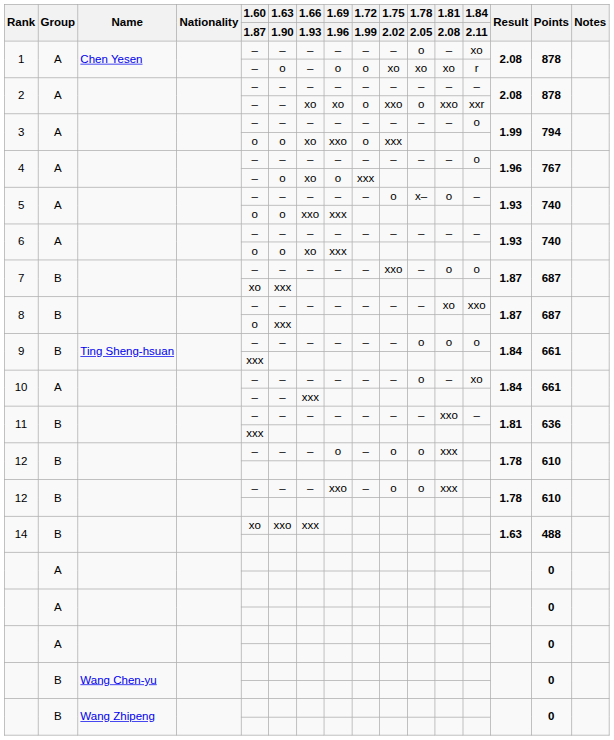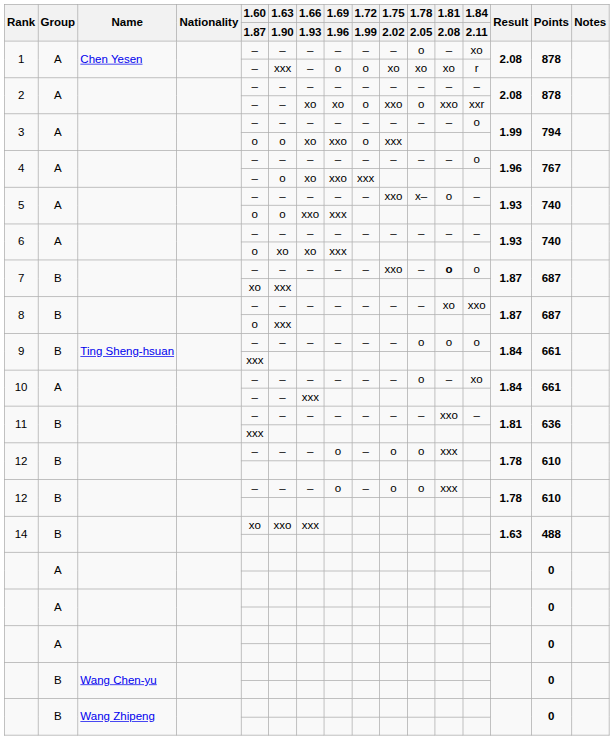 <table class="wikitable sortable" style="text-align:center">
 <tr>
 <th rowspan=2>Rank</th>
 <th rowspan=2>Group</th>
 <th rowspan=2>Name</th>
 <th rowspan=2>Nationality</th>
 <th>1.60</th>
 <th>1.63</th>
 <th>1.66</th>
 <th>1.69</th>
 <th>1.72</th>
 <th>1.75</th>
 <th>1.78</th>
 <th>1.81</th>
 <th>1.84</th>
 <th rowspan=2>Result</th>
 <th rowspan=2>Points</th>
 <th rowspan=2>Notes</th>
 </tr>
 <tr>
 <th class=unsortable>1.87</th>
 <th class=unsortable>1.90</th>
 <th class=unsortable>1.93</th>
 <th class=unsortable>1.96</th>
 <th class=unsortable>1.99</th>
 <th class=unsortable>2.02</th>
 <th class=unsortable>2.05</th>
 <th class=unsortable>2.08</th>
 <th class=unsortable>2.11</th>
 </tr>
 <tr>
 <td rowspan=2>1</td>
 <td rowspan=2>A</td>
 <td rowspan=2 align=left><a href='#'>Chen Yesen</a></td>
 <td rowspan=2 align=left></td>
 <td>–</td>
 <td>–</td>
 <td>–</td>
 <td>–</td>
 <td>–</td>
 <td>–</td>
 <td>o</td>
 <td>–</td>
 <td>xo</td>
 <td rowspan=2><strong>2.08</strong></td>
 <td rowspan=2><strong>878</strong></td>
 <td rowspan=2></td>
 </tr>
 <tr>
 <td>–</td>
-<td>o</td>
+<td>xxx</td>
 <td>–</td>
 <td>o</td>
 <td>o</td>
 <td>xo</td>
 <td>xo</td>
 <td>xo</td>
 <td>r</td>
 </tr>
 <tr>
 <td rowspan=2>2</td>
 <td rowspan=2>A</td>
 <td rowspan=2 align=left></td>
 <td rowspan=2 align=left></td>
 <td>–</td>
 <td>–</td>
 <td>–</td>
 <td>–</td>
 <td>–</td>
 <td>–</td>
 <td>–</td>
 <td>–</td>
 <td>–</td>
 <td rowspan=2><strong>2.08</strong></td>
 <td rowspan=2><strong>878</strong></td>
 <td rowspan=2></td>
 </tr>
 <tr>
 <td>–</td>
 <td>–</td>
 <td>xo</td>
 <td>xo</td>
 <td>o</td>
 <td>xxo</td>
 <td>o</td>
 <td>xxo</td>
 <td>xxr</td>
 </tr>
 <tr>
 <td rowspan=2>3</td>
 <td rowspan=2>A</td>
 <td rowspan=2 align=left></td>
 <td rowspan=2 align=left></td>
 <td>–</td>
 <td>–</td>
 <td>–</td>
 <td>–</td>
 <td>–</td>
 <td>–</td>
 <td>–</td>
 <td>–</td>
 <td>o</td>
 <td rowspan=2><strong>1.99</strong></td>
 <td rowspan=2><strong>794</strong></td>
 <td rowspan=2></td>
 </tr>
 <tr>
 <td>o</td>
 <td>o</td>
 <td>xo</td>
 <td>xxo</td>
 <td>o</td>
 <td>xxx</td>
 <td></td>
 <td></td>
 <td></td>
 </tr>
 <tr>
 <td rowspan=2>4</td>
 <td rowspan=2>A</td>
 <td rowspan=2 align=left></td>
 <td rowspan=2 align=left></td>
 <td>–</td>
 <td>–</td>
 <td>–</td>
 <td>–</td>
 <td>–</td>
 <td>–</td>
 <td>–</td>
 <td>–</td>
 <td>o</td>
 <td rowspan=2><strong>1.96</strong></td>
 <td rowspan=2><strong>767</strong></td>
 <td rowspan=2></td>
 </tr>
 <tr>
 <td>–</td>
 <td>o</td>
 <td>xo</td>
-<td>o</td>
+<td>xxo</td>
 <td>xxx</td>
 <td></td>
 <td></td>
 <td></td>
 <td></td>
 </tr>
 <tr>
 <td rowspan=2>5</td>
 <td rowspan=2>A</td>
 <td rowspan=2 align=left></td>
 <td rowspan=2 align=left></td>
 <td>–</td>
 <td>–</td>
 <td>–</td>
 <td>–</td>
 <td>–</td>
-<td>o</td>
+<td>xxo</td>
 <td>x–</td>
 <td>o</td>
 <td>–</td>
 <td rowspan=2><strong>1.93</strong></td>
 <td rowspan=2><strong>740</strong></td>
 <td rowspan=2></td>
 </tr>
 <tr>
 <td>o</td>
 <td>o</td>
 <td>xxo</td>
 <td>xxx</td>
 <td></td>
 <td></td>
 <td></td>
 <td></td>
 <td></td>
 </tr>
 <tr>
 <td rowspan=2>6</td>
 <td rowspan=2>A</td>
 <td rowspan=2 align=left></td>
 <td rowspan=2 align=left></td>
 <td>–</td>
 <td>–</td>
 <td>–</td>
 <td>–</td>
 <td>–</td>
 <td>–</td>
 <td>–</td>
 <td>–</td>
 <td>–</td>
 <td rowspan=2><strong>1.93</strong></td>
 <td rowspan=2><strong>740</strong></td>
 <td rowspan=2></td>
 </tr>
 <tr>
 <td>o</td>
-<td>o</td>
+<td>xo</td>
 <td>xo</td>
 <td>xxx</td>
 <td></td>
 <td></td>
 <td></td>
 <td></td>
 <td></td>
 </tr>
 <tr>
 <td rowspan=2>7</td>
 <td rowspan=2>B</td>
 <td rowspan=2 align=left></td>
 <td rowspan=2 align=left></td>
 <td>–</td>
 <td>–</td>
 <td>–</td>
 <td>–</td>
 <td>–</td>
 <td>xxo</td>
 <td>–</td>
-<td>o</td>
+<td><strong>o</strong></td>
 <td>o</td>
 <td rowspan=2><strong>1.87</strong></td>
 <td rowspan=2><strong>687</strong></td>
 <td rowspan=2></td>
 </tr>
 <tr>
 <td>xo</td>
 <td>xxx</td>
 <td></td>
 <td></td>
 <td></td>
 <td></td>
 <td></td>
 <td></td>
 <td></td>
 </tr>
 <tr>
 <td rowspan=2>8</td>
 <td rowspan=2>B</td>
 <td rowspan=2 align=left></td>
 <td rowspan=2 align=left></td>
 <td>–</td>
 <td>–</td>
 <td>–</td>
 <td>–</td>
 <td>–</td>
 <td>–</td>
 <td>–</td>
 <td>xo</td>
 <td>xxo</td>
 <td rowspan=2><strong>1.87</strong></td>
 <td rowspan=2><strong>687</strong></td>
 <td rowspan=2></td>
 </tr>
 <tr>
 <td>o</td>
 <td>xxx</td>
 <td></td>
 <td></td>
 <td></td>
 <td></td>
 <td></td>
 <td></td>
 <td></td>
 </tr>
 <tr>
 <td rowspan=2>9</td>
 <td rowspan=2>B</td>
 <td rowspan=2 align=left><a href='#'>Ting Sheng-hsuan</a></td>
 <td rowspan=2 align=left></td>
 <td>–</td>
 <td>–</td>
 <td>–</td>
 <td>–</td>
 <td>–</td>
 <td>–</td>
 <td>o</td>
 <td>o</td>
 <td>o</td>
 <td rowspan=2><strong>1.84</strong></td>
 <td rowspan=2><strong>661</strong></td>
 <td rowspan=2></td>
 </tr>
 <tr>
 <td>xxx</td>
 <td></td>
 <td></td>
 <td></td>
 <td></td>
 <td></td>
 <td></td>
 <td></td>
 <td></td>
 </tr>
 <tr>
 <td rowspan=2>10</td>
 <td rowspan=2>A</td>
 <td rowspan=2 align=left></td>
 <td rowspan=2 align=left></td>
 <td>–</td>
 <td>–</td>
 <td>–</td>
 <td>–</td>
 <td>–</td>
 <td>–</td>
 <td>o</td>
 <td>–</td>
 <td>xo</td>
 <td rowspan=2><strong>1.84</strong></td>
 <td rowspan=2><strong>661</strong></td>
 <td rowspan=2></td>
 </tr>
 <tr>
 <td>–</td>
 <td>–</td>
 <td>xxx</td>
 <td></td>
 <td></td>
 <td></td>
 <td></td>
 <td></td>
 <td></td>
 </tr>
 <tr>
 <td rowspan=2>11</td>
 <td rowspan=2>B</td>
 <td rowspan=2 align=left></td>
 <td rowspan=2 align=left></td>
 <td>–</td>
 <td>–</td>
 <td>–</td>
 <td>–</td>
 <td>–</td>
 <td>–</td>
 <td>–</td>
 <td>xxo</td>
 <td>–</td>
 <td rowspan=2><strong>1.81</strong></td>
 <td rowspan=2><strong>636</strong></td>
 <td rowspan=2></td>
 </tr>
 <tr>
 <td>xxx</td>
 <td></td>
 <td></td>
 <td></td>
 <td></td>
 <td></td>
 <td></td>
 <td></td>
 <td></td>
 </tr>
 <tr>
 <td rowspan=2>12</td>
 <td rowspan=2>B</td>
 <td rowspan=2 align=left></td>
 <td rowspan=2 align=left></td>
 <td>–</td>
 <td>–</td>
 <td>–</td>
 <td>o</td>
 <td>–</td>
 <td>o</td>
 <td>o</td>
 <td>xxx</td>
 <td></td>
 <td rowspan=2><strong>1.78</strong></td>
 <td rowspan=2><strong>610</strong></td>
 <td rowspan=2></td>
 </tr>
 <tr>
 <td> </td>
 <td></td>
 <td></td>
 <td></td>
 <td></td>
 <td></td>
 <td></td>
 <td></td>
 <td></td>
 </tr>
 <tr>
 <td rowspan=2>12</td>
 <td rowspan=2>B</td>
 <td rowspan=2 align=left></td>
 <td rowspan=2 align=left></td>
 <td>–</td>
 <td>–</td>
 <td>–</td>
-<td>xxo</td>
+<td>o</td>
 <td>–</td>
 <td>o</td>
 <td>o</td>
 <td>xxx</td>
 <td></td>
 <td rowspan=2><strong>1.78</strong></td>
 <td rowspan=2><strong>610</strong></td>
 <td rowspan=2></td>
 </tr>
 <tr>
 <td> </td>
 <td></td>
 <td></td>
 <td></td>
 <td></td>
 <td></td>
 <td></td>
 <td></td>
 <td></td>
 </tr>
 <tr>
 <td rowspan=2>14</td>
 <td rowspan=2>B</td>
 <td rowspan=2 align=left></td>
 <td rowspan=2 align=left></td>
 <td>xo</td>
 <td>xxo</td>
 <td>xxx</td>
 <td></td>
 <td></td>
 <td></td>
 <td></td>
 <td></td>
 <td></td>
 <td rowspan=2><strong>1.63</strong></td>
 <td rowspan=2><strong>488</strong></td>
 <td rowspan=2></td>
 </tr>
 <tr>
 <td> </td>
 <td></td>
 <td></td>
 <td></td>
 <td></td>
 <td></td>
 <td></td>
 <td></td>
 <td></td>
 </tr>
 <tr>
 <td rowspan=2></td>
 <td rowspan=2>A</td>
 <td rowspan=2 align=left></td>
 <td rowspan=2 align=left></td>
 <td> </td>
 <td></td>
 <td></td>
 <td></td>
 <td></td>
 <td></td>
 <td></td>
 <td></td>
 <td></td>
 <td rowspan=2><strong></strong></td>
 <td rowspan=2><strong>0</strong></td>
 <td rowspan=2></td>
 </tr>
 <tr>
 <td> </td>
 <td></td>
 <td></td>
 <td></td>
 <td></td>
 <td></td>
 <td></td>
 <td></td>
 <td></td>
 </tr>
 <tr>
 <td rowspan=2></td>
 <td rowspan=2>A</td>
 <td rowspan=2 align=left></td>
 <td rowspan=2 align=left></td>
 <td> </td>
 <td></td>
 <td></td>
 <td></td>
 <td></td>
 <td></td>
 <td></td>
 <td></td>
 <td></td>
 <td rowspan=2><strong></strong></td>
 <td rowspan=2><strong>0</strong></td>
 <td rowspan=2></td>
 </tr>
 <tr>
 <td> </td>
 <td></td>
 <td></td>
 <td></td>
 <td></td>
 <td></td>
 <td></td>
 <td></td>
 <td></td>
 </tr>
 <tr>
 <td rowspan=2></td>
 <td rowspan=2>A</td>
 <td rowspan=2 align=left></td>
 <td rowspan=2 align=left></td>
 <td> </td>
 <td></td>
 <td></td>
 <td></td>
 <td></td>
 <td></td>
 <td></td>
 <td></td>
 <td></td>
 <td rowspan=2><strong></strong></td>
 <td rowspan=2><strong>0</strong></td>
 <td rowspan=2></td>
 </tr>
 <tr>
 <td> </td>
 <td></td>
 <td></td>
 <td></td>
 <td></td>
 <td></td>
 <td></td>
 <td></td>
 <td></td>
 </tr>
 <tr>
 <td rowspan=2></td>
 <td rowspan=2>B</td>
 <td rowspan=2 align=left><a href='#'>Wang Chen-yu</a></td>
 <td rowspan=2 align=left></td>
 <td> </td>
 <td></td>
 <td></td>
 <td></td>
 <td></td>
 <td></td>
 <td></td>
 <td></td>
 <td></td>
 <td rowspan=2><strong></strong></td>
 <td rowspan=2><strong>0</strong></td>
 <td rowspan=2></td>
 </tr>
 <tr>
 <td> </td>
 <td></td>
 <td></td>
 <td></td>
 <td></td>
 <td></td>
 <td></td>
 <td></td>
 <td></td>
 </tr>
 <tr>
 <td rowspan=2></td>
 <td rowspan=2>B</td>
 <td rowspan=2 align=left><a href='#'>Wang Zhipeng</a></td>
 <td rowspan=2 align=left></td>
 <td> </td>
 <td></td>
 <td></td>
 <td></td>
 <td></td>
 <td></td>
 <td></td>
 <td></td>
 <td></td>
 <td rowspan=2><strong></strong></td>
 <td rowspan=2><strong>0</strong></td>
 <td rowspan=2></td>
 </tr>
 <tr>
 <td> </td>
 <td></td>
 <td></td>
 <td></td>
 <td></td>
 <td></td>
 <td></td>
 <td></td>
 <td></td>
 </tr>
 </table>
